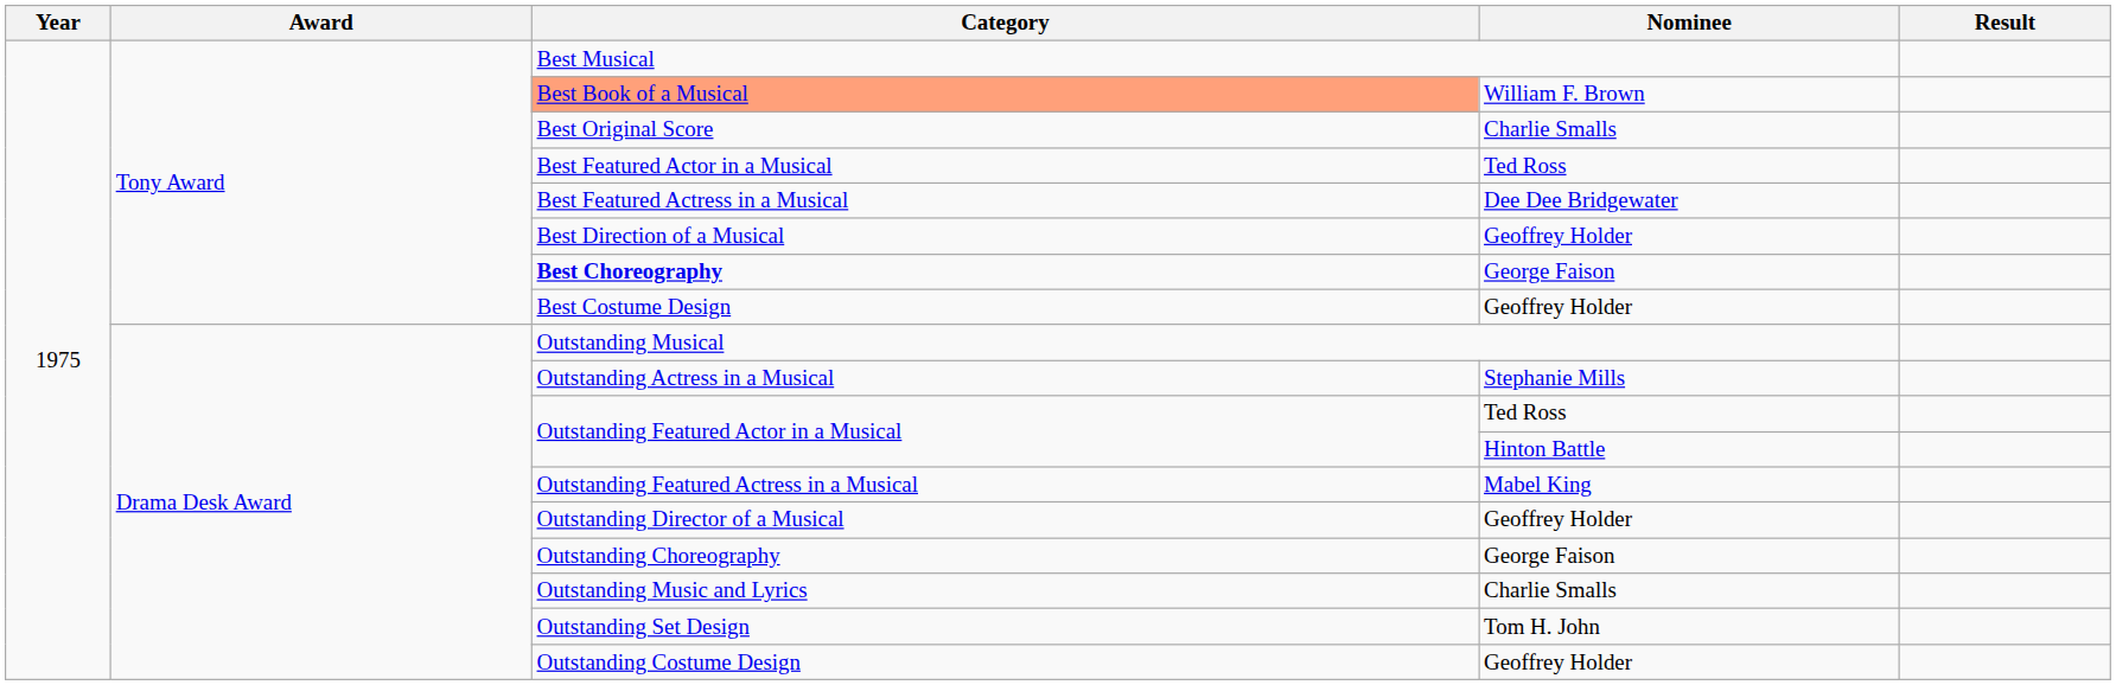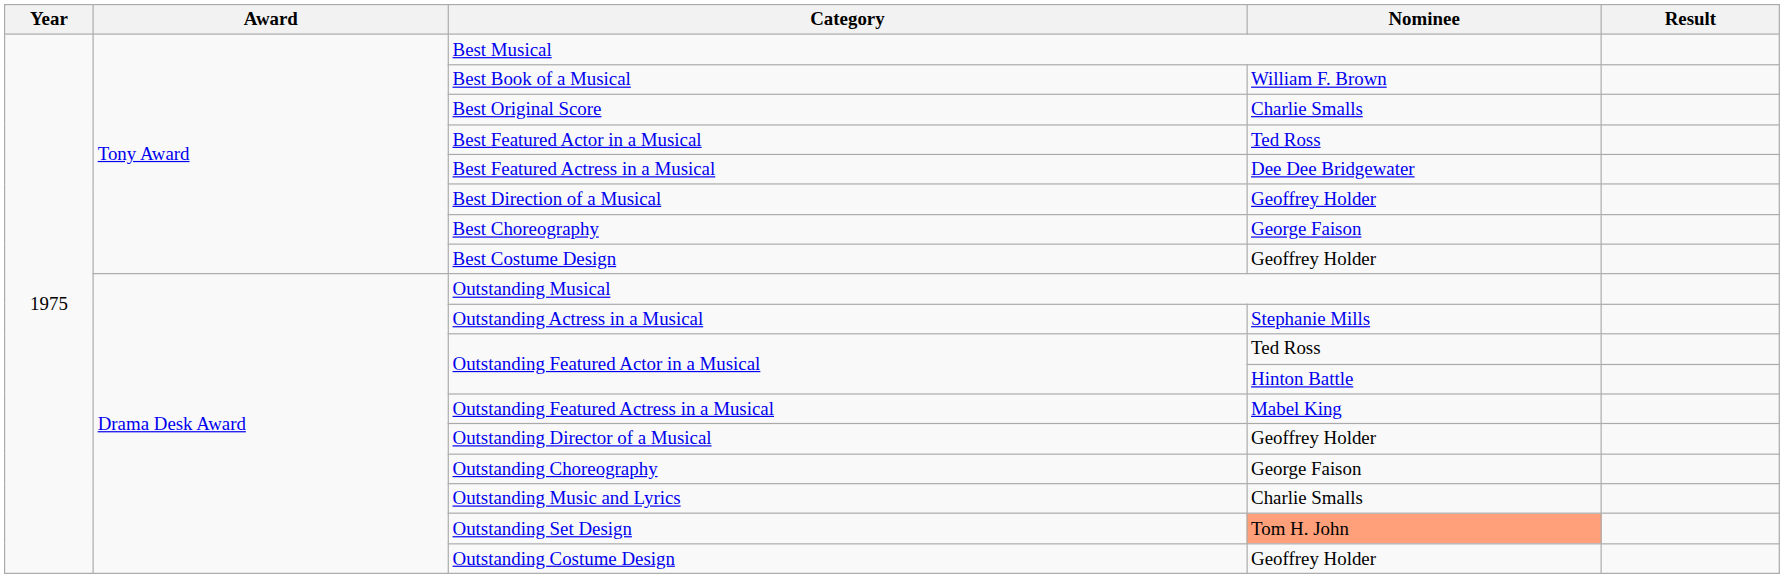 <table class="wikitable" style="width:95%;">
 <tr>
 <th style="width:5%;">Year</th>
 <th style="width:20%;">Award</th>
 <th style="width:45%;">Category</th>
 <th style="width:20%;">Nominee</th>
 <th style="width:10%;">Result</th>
 </tr>
 <tr>
 <td rowspan="18" style="text-align:center;">1975</td>
 <td rowspan="8"><a href='#'>Tony Award</a></td>
 <td colspan="2"><a href='#'>Best Musical</a></td>
 <td></td>
 </tr>
 <tr>
-<td style="background: lightsalmon;"><a href='#'>Best Book of a Musical</a></td>
+<td><a href='#'>Best Book of a Musical</a></td>
 <td><a href='#'>William F. Brown</a></td>
 <td></td>
 </tr>
 <tr>
 <td><a href='#'>Best Original Score</a></td>
 <td><a href='#'>Charlie Smalls</a></td>
 <td></td>
 </tr>
 <tr>
 <td><a href='#'>Best Featured Actor in a Musical</a></td>
 <td><a href='#'>Ted Ross</a></td>
 <td></td>
 </tr>
 <tr>
 <td><a href='#'>Best Featured Actress in a Musical</a></td>
 <td><a href='#'>Dee Dee Bridgewater</a></td>
 <td></td>
 </tr>
 <tr>
 <td><a href='#'>Best Direction of a Musical</a></td>
 <td><a href='#'>Geoffrey Holder</a></td>
 <td></td>
 </tr>
 <tr>
-<td><strong><a href='#'>Best Choreography</a></strong></td>
+<td><a href='#'>Best Choreography</a></td>
 <td><a href='#'>George Faison</a></td>
 <td></td>
 </tr>
 <tr>
 <td><a href='#'>Best Costume Design</a></td>
 <td>Geoffrey Holder</td>
 <td></td>
 </tr>
 <tr>
 <td rowspan="10"><a href='#'>Drama Desk Award</a></td>
 <td colspan="2"><a href='#'>Outstanding Musical</a></td>
 <td></td>
 </tr>
 <tr>
 <td><a href='#'>Outstanding Actress in a Musical</a></td>
 <td><a href='#'>Stephanie Mills</a></td>
 <td></td>
 </tr>
 <tr>
 <td rowspan="2"><a href='#'>Outstanding Featured Actor in a Musical</a></td>
 <td>Ted Ross</td>
 <td></td>
 </tr>
 <tr>
 <td><a href='#'>Hinton Battle</a></td>
 <td></td>
 </tr>
 <tr>
 <td><a href='#'>Outstanding Featured Actress in a Musical</a></td>
 <td><a href='#'>Mabel King</a></td>
 <td></td>
 </tr>
 <tr>
 <td><a href='#'>Outstanding Director of a Musical</a></td>
 <td>Geoffrey Holder</td>
 <td></td>
 </tr>
 <tr>
 <td><a href='#'>Outstanding Choreography</a></td>
 <td>George Faison</td>
 <td></td>
 </tr>
 <tr>
 <td><a href='#'>Outstanding Music and Lyrics</a></td>
 <td>Charlie Smalls</td>
 <td></td>
 </tr>
 <tr>
 <td><a href='#'>Outstanding Set Design</a></td>
-<td>Tom H. John</td>
+<td style="background: lightsalmon;">Tom H. John</td>
 <td></td>
 </tr>
 <tr>
 <td><a href='#'>Outstanding Costume Design</a></td>
 <td>Geoffrey Holder</td>
 <td></td>
 </tr>
 </table>
